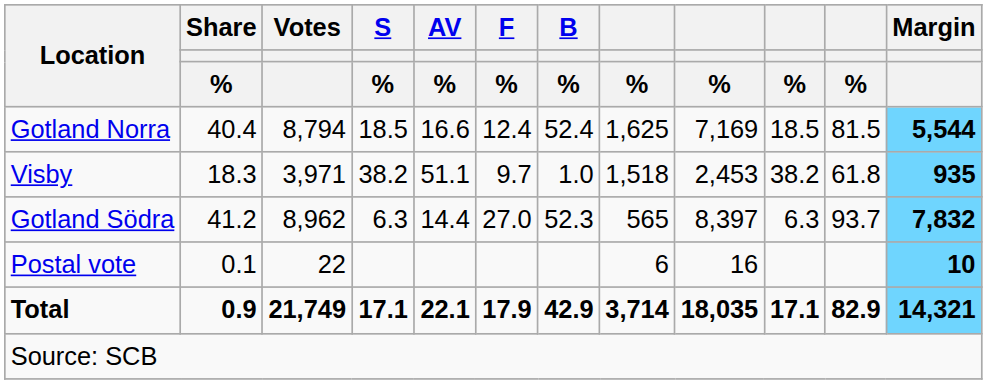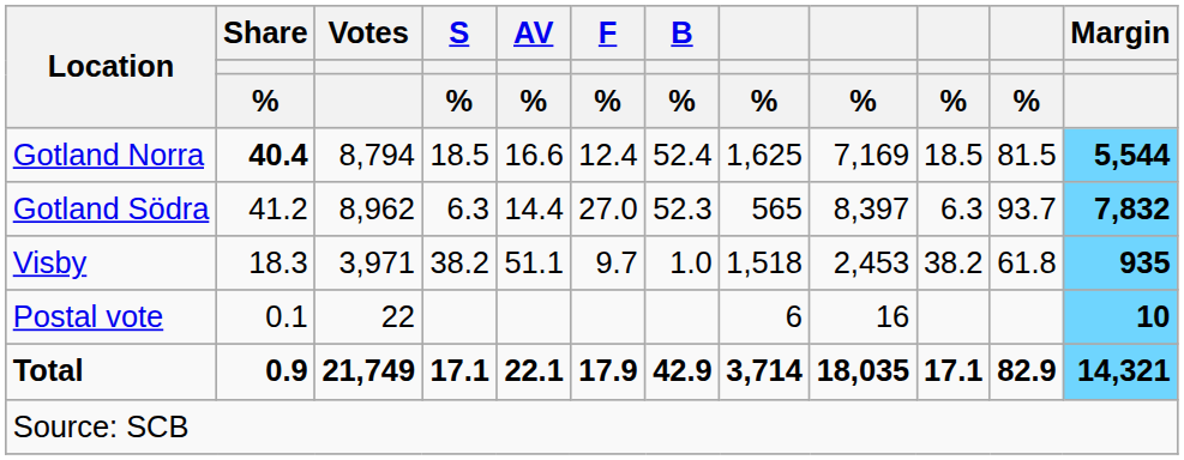 <table class="wikitable sortable" style="text-align:right; font-size:95%; line-height:20px;">
 <tr>
 <th rowspan="3">Location</th>
 <th>Share</th>
 <th>Votes</th>
 <th width="30px" class="unsortable"><a href='#'>S</a></th>
 <th width="30px" class="unsortable"><a href='#'>AV</a></th>
 <th width="30px" class="unsortable"><a href='#'>F</a></th>
 <th width="30px" class="unsortable"><a href='#'>B</a></th>
 <th></th>
 <th></th>
 <th></th>
 <th></th>
 <th>Margin</th>
 </tr>
 <tr>
 <th></th>
 <th></th>
 <th style="background:"></th>
 <th style="background:"></th>
 <th style="background:"></th>
 <th style="background:"></th>
 <th style="background:"></th>
 <th style="background:"></th>
 <th style="background:"></th>
 <th style="background:"></th>
 <th></th>
 </tr>
 <tr>
 <th data-sort-type="number">%</th>
 <th></th>
 <th data-sort-type="number">%</th>
 <th data-sort-type="number">%</th>
 <th data-sort-type="number">%</th>
 <th data-sort-type="number">%</th>
 <th data-sort-type="number">%</th>
 <th data-sort-type="number">%</th>
 <th data-sort-type="number">%</th>
 <th data-sort-type="number">%</th>
 <th></th>
 </tr>
 <tr>
 <td align=left><a href='#'>Gotland Norra</a></td>
-<td>40.4</td>
+<td><strong>40.4</strong></td>
 <td>8,794</td>
 <td>18.5</td>
 <td>16.6</td>
 <td>12.4</td>
 <td>52.4</td>
 <td>1,625</td>
 <td>7,169</td>
 <td>18.5</td>
 <td>81.5</td>
 <td bgcolor=#6fd5fe><strong>5,544</strong></td>
+</tr>
+<tr>
+<td align=left><a href='#'>Gotland Södra</a></td>
+<td>41.2</td>
+<td>8,962</td>
+<td>6.3</td>
+<td>14.4</td>
+<td>27.0</td>
+<td>52.3</td>
+<td>565</td>
+<td>8,397</td>
+<td>6.3</td>
+<td>93.7</td>
+<td bgcolor=#6fd5fe><strong>7,832</strong></td>
 </tr>
 <tr>
 <td align=left><a href='#'>Visby</a></td>
 <td>18.3</td>
 <td>3,971</td>
 <td>38.2</td>
 <td>51.1</td>
 <td>9.7</td>
 <td>1.0</td>
 <td>1,518</td>
 <td>2,453</td>
 <td>38.2</td>
 <td>61.8</td>
 <td bgcolor=#6fd5fe><strong>935</strong></td>
-</tr>
-<tr>
-<td align=left><a href='#'>Gotland Södra</a></td>
-<td>41.2</td>
-<td>8,962</td>
-<td>6.3</td>
-<td>14.4</td>
-<td>27.0</td>
-<td>52.3</td>
-<td>565</td>
-<td>8,397</td>
-<td>6.3</td>
-<td>93.7</td>
-<td bgcolor=#6fd5fe><strong>7,832</strong></td>
 </tr>
 <tr>
 <td align=left><a href='#'>Postal vote</a></td>
 <td>0.1</td>
 <td>22</td>
 <td></td>
 <td></td>
 <td></td>
 <td></td>
 <td>6</td>
 <td>16</td>
 <td></td>
 <td></td>
 <td bgcolor=#6fd5fe><strong>10</strong></td>
 </tr>
 <tr>
 <td align=left><strong>Total</strong></td>
 <td><strong>0.9</strong></td>
 <td><strong>21,749</strong></td>
 <td><strong>17.1</strong></td>
 <td><strong>22.1</strong></td>
 <td><strong>17.9</strong></td>
 <td><strong>42.9</strong></td>
 <td><strong>3,714</strong></td>
 <td><strong>18,035</strong></td>
 <td><strong>17.1</strong></td>
 <td><strong>82.9</strong></td>
 <td bgcolor=#6fd5fe><strong>14,321</strong></td>
 </tr>
 <tr>
 <td align=left colspan=12>Source: SCB </td>
 </tr>
 </table>
